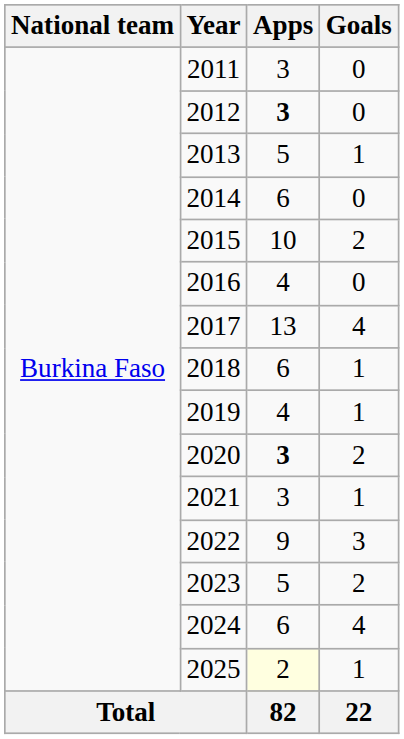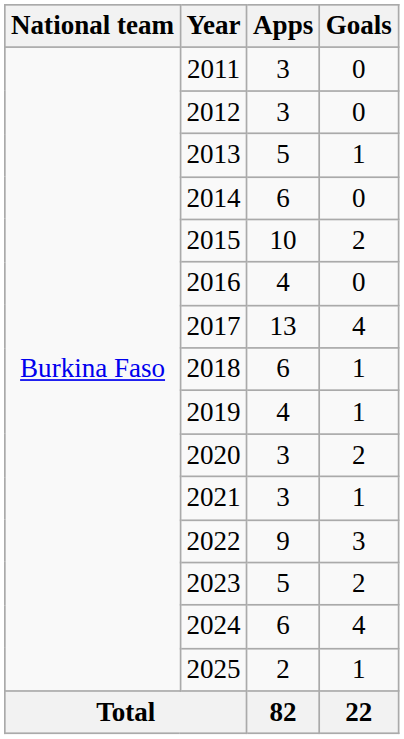 <table class="wikitable" style="text-align:center">
 <tr>
 <th>National team</th>
 <th>Year</th>
 <th>Apps</th>
 <th>Goals</th>
 </tr>
 <tr>
 <td rowspan="15"><a href='#'>Burkina Faso</a></td>
 <td>2011</td>
 <td>3</td>
 <td>0</td>
 </tr>
 <tr>
 <td>2012</td>
-<td><strong>3</strong></td>
+<td>3</td>
 <td>0</td>
 </tr>
 <tr>
 <td>2013</td>
 <td>5</td>
 <td>1</td>
 </tr>
 <tr>
 <td>2014</td>
 <td>6</td>
 <td>0</td>
 </tr>
 <tr>
 <td>2015</td>
 <td>10</td>
 <td>2</td>
 </tr>
 <tr>
 <td>2016</td>
 <td>4</td>
 <td>0</td>
 </tr>
 <tr>
 <td>2017</td>
 <td>13</td>
 <td>4</td>
 </tr>
 <tr>
 <td>2018</td>
 <td>6</td>
 <td>1</td>
 </tr>
 <tr>
 <td>2019</td>
 <td>4</td>
 <td>1</td>
 </tr>
 <tr>
 <td>2020</td>
-<td><strong>3</strong></td>
+<td>3</td>
 <td>2</td>
 </tr>
 <tr>
 <td>2021</td>
 <td>3</td>
 <td>1</td>
 </tr>
 <tr>
 <td>2022</td>
 <td>9</td>
 <td>3</td>
 </tr>
 <tr>
 <td>2023</td>
 <td>5</td>
 <td>2</td>
 </tr>
 <tr>
 <td>2024</td>
 <td>6</td>
 <td>4</td>
 </tr>
 <tr>
 <td>2025</td>
-<td style="background: lightyellow;">2</td>
+<td>2</td>
 <td>1</td>
 </tr>
 <tr>
 <th colspan="2">Total</th>
 <th>82</th>
 <th>22</th>
 </tr>
 </table>
